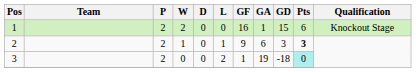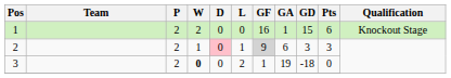 <table class="wikitable" border="1">
 <tr>
 <th width="25"><abbr>Pos</abbr></th>
 <th width="200">Team</th>
 <th width="25">P</th>
 <th width="25">W</th>
 <th width="25">D</th>
 <th width="25">L</th>
 <th width="25"><abbr>GF</abbr></th>
 <th width="25"><abbr>GA</abbr></th>
 <th width="25"><abbr>GD</abbr></th>
 <th width="25"><abbr>Pts</abbr></th>
 <th width="150">Qualification</th>
 </tr>
 <tr bgcolor= #D0F0C0>
 <td align="center">1</td>
 <td></td>
 <td align="center">2</td>
 <td align="center">2</td>
 <td align="center">0</td>
 <td align="center">0</td>
 <td align="center">16</td>
 <td align="center">1</td>
 <td align="center">15</td>
 <td align="center">6</td>
 <td align="center">Knockout Stage</td>
 </tr>
 <tr>
 <td align="center">2</td>
 <td></td>
 <td align="center">2</td>
 <td align="center">1</td>
-<td align="center">0</td>
+<td align="center" style="background: pink;">0</td>
 <td align="center">1</td>
-<td align="center">9</td>
+<td align="center" style="background: lightgrey;">9</td>
 <td align="center">6</td>
 <td align="center">3</td>
-<td align="center"><strong>3</strong></td>
+<td align="center">3</td>
 </tr>
 <tr>
 <td align="center">3</td>
 <td></td>
 <td align="center">2</td>
-<td align="center">0</td>
+<td align="center"><strong>0</strong></td>
 <td align="center">0</td>
 <td align="center">2</td>
 <td align="center">1</td>
 <td align="center">19</td>
 <td align="center">-18</td>
-<td align="center" style="background: paleturquoise;">0</td>
+<td align="center">0</td>
 </tr>
 <tr>
 </tr>
 </table>
